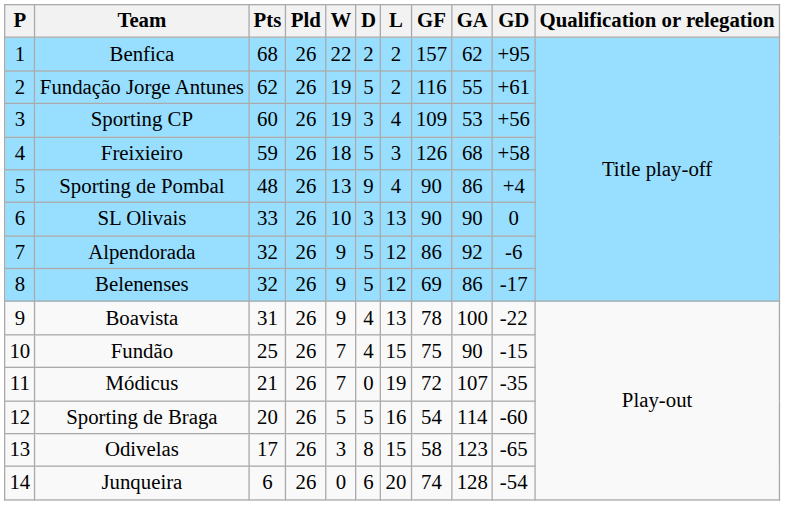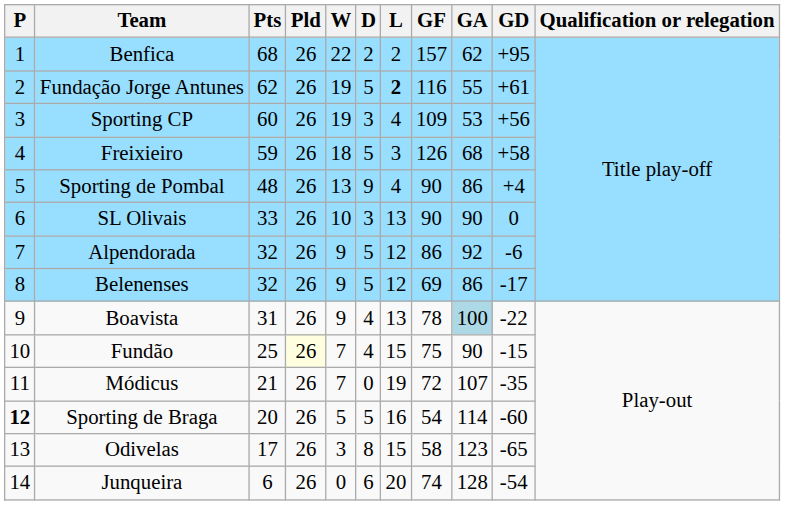 <table class="wikitable sortable" style="text-align: center">
 <tr>
 <th style="text-align:center;">P</th>
 <th style="text-align:center;">Team</th>
 <th style="text-align:center;">Pts</th>
 <th style="text-align:center;">Pld</th>
 <th style="text-align:center;">W</th>
 <th style="text-align:center;">D</th>
 <th style="text-align:center;">L</th>
 <th style="text-align:center;">GF</th>
 <th style="text-align:center;">GA</th>
 <th style="text-align:center;">GD</th>
 <th style="text-align:center;">Qualification or relegation</th>
 </tr>
 <tr ! style="background:#97DEFF;">
 <td>1</td>
 <td>Benfica</td>
 <td>68</td>
 <td>26</td>
 <td>22</td>
 <td>2</td>
 <td>2</td>
 <td>157</td>
 <td>62</td>
 <td>+95</td>
 <td rowspan="8" style="text-align:center;">Title play-off</td>
 </tr>
 <tr ! style="background:#97DEFF;">
 <td>2</td>
 <td>Fundação Jorge Antunes</td>
 <td>62</td>
 <td>26</td>
 <td>19</td>
 <td>5</td>
-<td>2</td>
+<td><strong>2</strong></td>
 <td>116</td>
 <td>55</td>
 <td>+61</td>
 </tr>
 <tr ! style="background:#97DEFF;">
 <td>3</td>
 <td>Sporting CP</td>
 <td>60</td>
 <td>26</td>
 <td>19</td>
 <td>3</td>
 <td>4</td>
 <td>109</td>
 <td>53</td>
 <td>+56</td>
 </tr>
 <tr ! style="background:#97DEFF;">
 <td>4</td>
 <td>Freixieiro</td>
 <td>59</td>
 <td>26</td>
 <td>18</td>
 <td>5</td>
 <td>3</td>
 <td>126</td>
 <td>68</td>
 <td>+58</td>
 </tr>
 <tr ! style="background:#97DEFF;">
 <td>5</td>
 <td>Sporting de Pombal</td>
 <td>48</td>
 <td>26</td>
 <td>13</td>
 <td>9</td>
 <td>4</td>
 <td>90</td>
 <td>86</td>
 <td>+4</td>
 </tr>
 <tr ! style="background:#97DEFF;">
 <td>6</td>
 <td>SL Olivais</td>
 <td>33</td>
 <td>26</td>
 <td>10</td>
 <td>3</td>
 <td>13</td>
 <td>90</td>
 <td>90</td>
 <td>0</td>
 </tr>
 <tr ! style="background:#97DEFF;">
 <td>7</td>
 <td>Alpendorada</td>
 <td>32</td>
 <td>26</td>
 <td>9</td>
 <td>5</td>
 <td>12</td>
 <td>86</td>
 <td>92</td>
 <td>-6</td>
 </tr>
 <tr ! style="background:#97DEFF;">
 <td>8</td>
 <td>Belenenses</td>
 <td>32</td>
 <td>26</td>
 <td>9</td>
 <td>5</td>
 <td>12</td>
 <td>69</td>
 <td>86</td>
 <td>-17</td>
 </tr>
 <tr>
 <td>9</td>
 <td>Boavista</td>
 <td>31</td>
 <td>26</td>
 <td>9</td>
 <td>4</td>
 <td>13</td>
 <td>78</td>
-<td>100</td>
+<td style="background: lightblue;">100</td>
 <td>-22</td>
 <td rowspan="6" style="text-align:center;">Play-out</td>
 </tr>
 <tr>
 <td>10</td>
 <td>Fundão</td>
 <td>25</td>
-<td>26</td>
+<td style="background: lightyellow;">26</td>
 <td>7</td>
 <td>4</td>
 <td>15</td>
 <td>75</td>
 <td>90</td>
 <td>-15</td>
 </tr>
 <tr>
 <td>11</td>
 <td>Módicus</td>
 <td>21</td>
 <td>26</td>
 <td>7</td>
 <td>0</td>
 <td>19</td>
 <td>72</td>
 <td>107</td>
 <td>-35</td>
 </tr>
 <tr>
-<td>12</td>
+<td><strong>12</strong></td>
 <td>Sporting de Braga</td>
 <td>20</td>
 <td>26</td>
 <td>5</td>
 <td>5</td>
 <td>16</td>
 <td>54</td>
 <td>114</td>
 <td>-60</td>
 </tr>
 <tr>
 <td>13</td>
 <td>Odivelas</td>
 <td>17</td>
 <td>26</td>
 <td>3</td>
 <td>8</td>
 <td>15</td>
 <td>58</td>
 <td>123</td>
 <td>-65</td>
 </tr>
 <tr>
 <td>14</td>
 <td>Junqueira</td>
 <td>6</td>
 <td>26</td>
 <td>0</td>
 <td>6</td>
 <td>20</td>
 <td>74</td>
 <td>128</td>
 <td>-54</td>
 </tr>
 </table>
